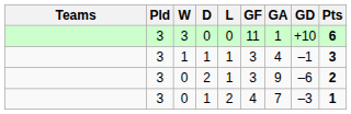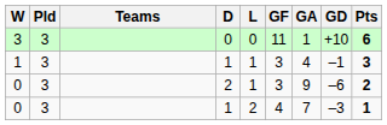 <table class="wikitable" style="text-align: center;">
 <tr>
+<th width=20>W</th>
+<th width=20>Pld</th>
 <th width=165>Teams</th>
-<th width=20>Pld</th>
-<th width=20>W</th>
 <th width=20>D</th>
 <th width=20>L</th>
 <th width=20>GF</th>
 <th width=20>GA</th>
 <th width=20>GD</th>
 <th width=20>Pts</th>
 </tr>
 <tr align=center style="background:#ccffcc;">
-<td style="text-align:left;"></td>
 <td>3</td>
 <td>3</td>
+<td style="text-align:left;"></td>
 <td>0</td>
 <td>0</td>
 <td>11</td>
 <td>1</td>
 <td>+10</td>
 <td><strong>6</strong></td>
 </tr>
 <tr align=center>
+<td>1</td>
+<td>3</td>
 <td style="text-align:left;"></td>
-<td>3</td>
-<td>1</td>
 <td>1</td>
 <td>1</td>
 <td>3</td>
 <td>4</td>
 <td>–1</td>
 <td><strong>3</strong></td>
 </tr>
 <tr align=center>
+<td>0</td>
+<td>3</td>
 <td style="text-align:left;"></td>
-<td>3</td>
-<td>0</td>
 <td>2</td>
 <td>1</td>
 <td>3</td>
 <td>9</td>
 <td>–6</td>
 <td><strong>2</strong></td>
 </tr>
 <tr align=center>
+<td>0</td>
+<td>3</td>
 <td style="text-align:left;"></td>
-<td>3</td>
-<td>0</td>
 <td>1</td>
 <td>2</td>
 <td>4</td>
 <td>7</td>
 <td>–3</td>
 <td><strong>1</strong></td>
 </tr>
 </table>
